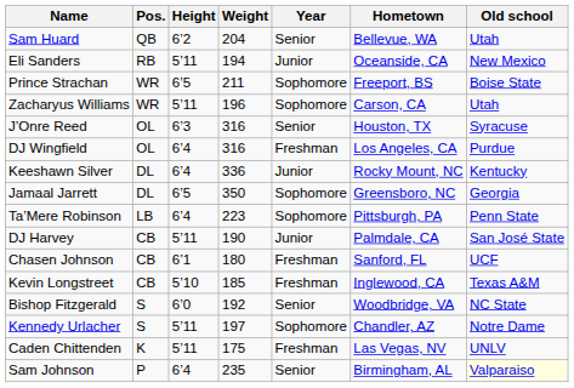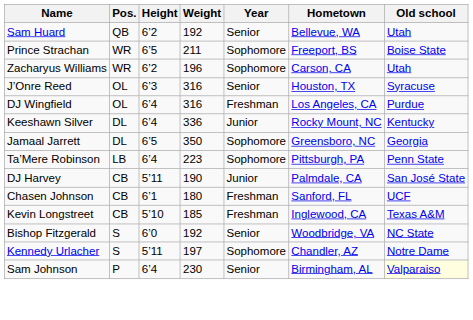 <table class="wikitable sortable">
 <tr>
 <th style="text-align:center; ">Name</th>
 <th style="text-align:center;">Pos.</th>
 <th style="text-align:center; ">Height</th>
 <th style="text-align:center; ">Weight</th>
 <th style="text-align:center; ">Year</th>
 <th style="text-align:center; ">Hometown</th>
 <th style="text-align:center; ">Old school</th>
 </tr>
 <tr>
 <td><a href='#'>Sam Huard</a></td>
 <td>QB</td>
 <td>6’2</td>
-<td>204</td>
+<td>192</td>
 <td>Senior</td>
 <td><a href='#'>Bellevue, WA</a></td>
 <td><a href='#'>Utah</a></td>
-</tr>
-<tr>
-<td>Eli Sanders</td>
-<td>RB</td>
-<td>5’11</td>
-<td>194</td>
-<td> Junior</td>
-<td><a href='#'>Oceanside, CA</a></td>
-<td><a href='#'>New Mexico</a></td>
 </tr>
 <tr>
 <td>Prince Strachan</td>
 <td>WR</td>
 <td>6’5</td>
 <td>211</td>
 <td>Sophomore</td>
 <td><a href='#'>Freeport, BS</a></td>
 <td><a href='#'>Boise State</a></td>
 </tr>
 <tr>
 <td>Zacharyus Williams</td>
 <td>WR</td>
-<td>5’11</td>
+<td>6’2</td>
 <td>196</td>
 <td>Sophomore</td>
 <td><a href='#'>Carson, CA</a></td>
 <td><a href='#'>Utah</a></td>
 </tr>
 <tr>
 <td>J’Onre Reed</td>
 <td>OL</td>
 <td>6’3</td>
 <td>316</td>
 <td>Senior</td>
 <td><a href='#'>Houston, TX</a></td>
 <td><a href='#'>Syracuse</a></td>
 </tr>
 <tr>
 <td>DJ Wingfield</td>
 <td>OL</td>
 <td>6’4</td>
 <td>316</td>
 <td>Freshman</td>
 <td><a href='#'>Los Angeles, CA</a></td>
 <td><a href='#'>Purdue</a></td>
 </tr>
 <tr>
 <td>Keeshawn Silver</td>
 <td>DL</td>
 <td>6’4</td>
 <td>336</td>
 <td> Junior</td>
 <td><a href='#'>Rocky Mount, NC</a></td>
 <td><a href='#'>Kentucky</a></td>
 </tr>
 <tr>
 <td>Jamaal Jarrett</td>
 <td>DL</td>
 <td>6’5</td>
 <td>350</td>
 <td>Sophomore</td>
 <td><a href='#'>Greensboro, NC</a></td>
 <td><a href='#'>Georgia</a></td>
 </tr>
 <tr>
 <td>Ta’Mere Robinson</td>
 <td>LB</td>
 <td>6’4</td>
 <td>223</td>
 <td> Sophomore</td>
 <td><a href='#'>Pittsburgh, PA</a></td>
 <td><a href='#'>Penn State</a></td>
 </tr>
 <tr>
 <td>DJ Harvey</td>
 <td>CB</td>
 <td>5’11</td>
 <td>190</td>
 <td> Junior</td>
 <td><a href='#'>Palmdale, CA</a></td>
 <td><a href='#'>San José State</a></td>
 </tr>
 <tr>
 <td>Chasen Johnson</td>
 <td>CB</td>
 <td>6’1</td>
 <td>180</td>
 <td>Freshman</td>
 <td><a href='#'>Sanford, FL</a></td>
 <td><a href='#'>UCF</a></td>
 </tr>
 <tr>
 <td>Kevin Longstreet</td>
 <td>CB</td>
 <td>5’10</td>
 <td>185</td>
 <td>Freshman</td>
 <td><a href='#'>Inglewood, CA</a></td>
 <td><a href='#'>Texas A&M</a></td>
 </tr>
 <tr>
 <td>Bishop Fitzgerald</td>
 <td>S</td>
 <td>6’0</td>
 <td>192</td>
 <td> Senior</td>
 <td><a href='#'>Woodbridge, VA</a></td>
 <td><a href='#'>NC State</a></td>
 </tr>
 <tr>
 <td><a href='#'>Kennedy Urlacher</a></td>
 <td>S</td>
 <td>5’11</td>
 <td>197</td>
 <td>Sophomore</td>
 <td><a href='#'>Chandler, AZ</a></td>
 <td><a href='#'>Notre Dame</a></td>
 </tr>
 <tr>
-<td>Caden Chittenden</td>
-<td>K</td>
-<td>5’11</td>
-<td>175</td>
-<td>Freshman</td>
-<td><a href='#'>Las Vegas, NV</a></td>
-<td><a href='#'>UNLV</a></td>
-</tr>
-<tr>
 <td>Sam Johnson</td>
 <td>P</td>
 <td>6’4</td>
-<td>235</td>
+<td>230</td>
 <td> Senior</td>
 <td><a href='#'>Birmingham, AL</a></td>
 <td style="background: lightyellow;"><a href='#'>Valparaiso</a></td>
 </tr>
 </table>
